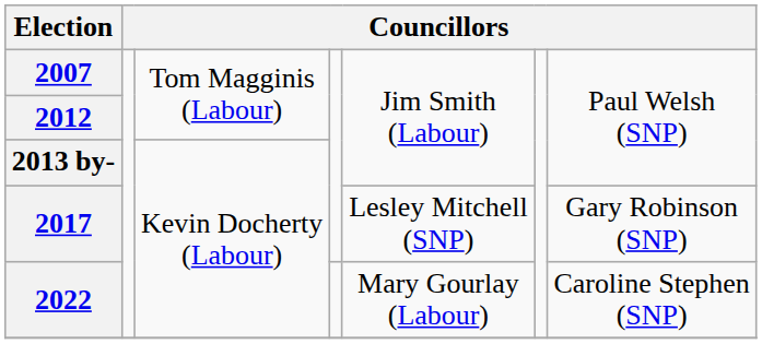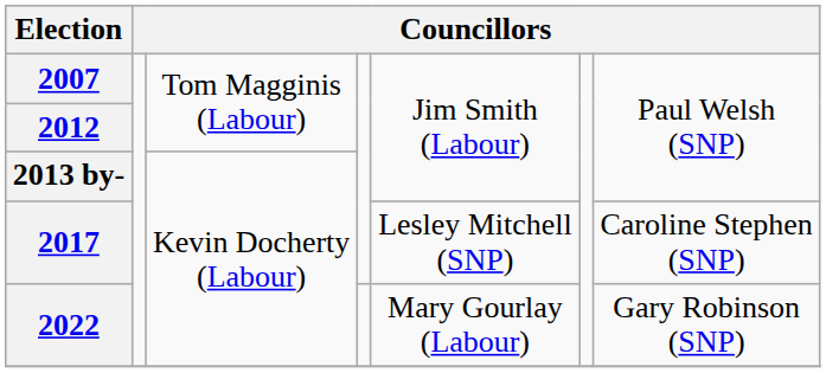 <table class="wikitable" style="text-align:center">
 <tr>
 <th>Election</th>
 <th colspan=8>Councillors</th>
 </tr>
 <tr>
 <th><a href='#'>2007</a></th>
 <td rowspan=5; style="background-color: "></td>
 <td rowspan=2>Tom Magginis<br>(<a href='#'>Labour</a>)</td>
 <td rowspan=4; style="background-color: "></td>
 <td rowspan=3>Jim Smith<br>(<a href='#'>Labour</a>)</td>
 <td rowspan=5; style="background-color: "></td>
 <td rowspan=3>Paul Welsh<br>(<a href='#'>SNP</a>)</td>
 </tr>
 <tr>
 <th><a href='#'>2012</a></th>
 </tr>
 <tr>
 <th>2013 by-</th>
 <td rowspan=3>Kevin Docherty<br>(<a href='#'>Labour</a>)</td>
 </tr>
 <tr>
 <th><a href='#'>2017</a></th>
 <td rowspan=1>Lesley Mitchell<br>(<a href='#'>SNP</a>)</td>
-<td rowspan=1>Gary Robinson<br>(<a href='#'>SNP</a>)</td>
+<td rowspan=1>Caroline Stephen<br>(<a href='#'>SNP</a>)</td>
 </tr>
 <tr>
 <th><a href='#'>2022</a></th>
 <td rowspan=1; style="background-color: "></td>
 <td rowspan=1>Mary Gourlay<br>(<a href='#'>Labour</a>)</td>
-<td rowspan=1>Caroline Stephen<br>(<a href='#'>SNP</a>)</td>
+<td rowspan=1>Gary Robinson<br>(<a href='#'>SNP</a>)</td>
 </tr>
 <tr>
 </tr>
 </table>
